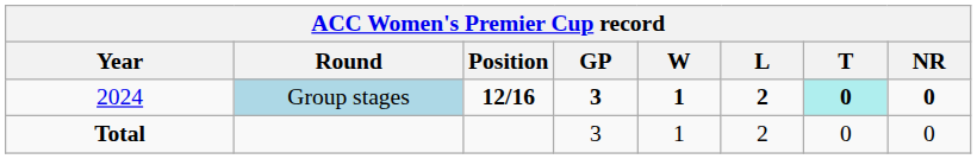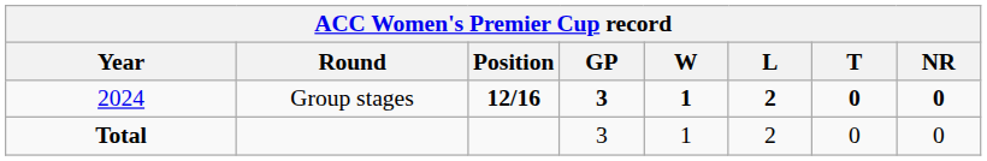 <table class="wikitable" style="text-align: center; width=900px;">
 <tr>
 <th colspan=9><a href='#'>ACC Women's Premier Cup</a> record</th>
 </tr>
 <tr>
 <th width=150>Year</th>
 <th width=150>Round</th>
 <th width=50>Position</th>
 <th width=50>GP</th>
 <th width=50>W</th>
 <th width=50>L</th>
 <th width=50>T</th>
 <th width=50>NR</th>
 </tr>
 <tr>
 <td> <a href='#'>2024</a></td>
-<td style="background: lightblue;">Group stages</td>
+<td>Group stages</td>
 <td><strong>12/16</strong></td>
 <td><strong>3</strong></td>
 <td><strong>1</strong></td>
 <td><strong>2</strong></td>
-<td style="background: paleturquoise;"><strong>0</strong></td>
+<td><strong>0</strong></td>
 <td><strong>0</strong></td>
 </tr>
 <tr>
 <td><strong>Total</strong></td>
 <td></td>
 <td></td>
 <td>3</td>
 <td>1</td>
 <td>2</td>
 <td>0</td>
 <td>0</td>
 </tr>
 </table>
